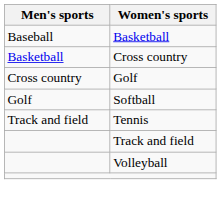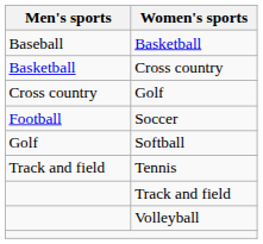 <table class= wikitable>
 <tr>
 <th width=120px>Men's sports</th>
 <th width=120px>Women's sports</th>
 </tr>
 <tr>
 <td>Baseball</td>
 <td><a href='#'>Basketball</a></td>
 </tr>
 <tr>
 <td><a href='#'>Basketball</a></td>
 <td>Cross country</td>
 </tr>
 <tr>
 <td>Cross country</td>
 <td>Golf</td>
+</tr>
+<tr>
+<td><a href='#'>Football</a></td>
+<td>Soccer</td>
 </tr>
 <tr>
 <td>Golf</td>
 <td>Softball</td>
 </tr>
 <tr>
 <td>Track and field</td>
 <td>Tennis</td>
 </tr>
 <tr>
 <td></td>
 <td>Track and field</td>
 </tr>
 <tr>
 <td></td>
 <td>Volleyball</td>
 </tr>
 <tr>
 <td colspan=2></td>
 </tr>
 </table>
